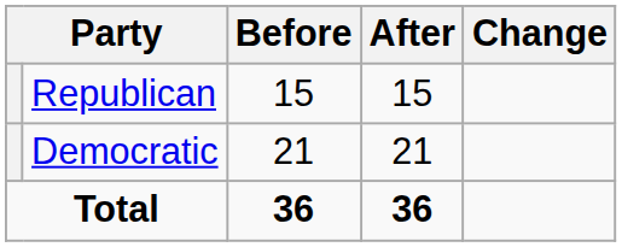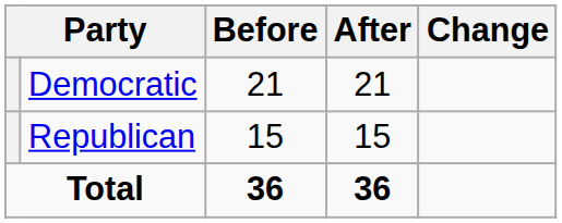 <table class="wikitable" style="text-align:center;">
 <tr>
 <th colspan="2">Party</th>
 <th>Before</th>
 <th>After</th>
 <th>Change</th>
 </tr>
 <tr>
 <th style="background-color:"></th>
-<td style="text-align:left;"><a href='#'>Republican</a></td>
-<td>15</td>
-<td>15</td>
+<td style="text-align:left;"><a href='#'>Democratic</a></td>
+<td>21</td>
+<td>21</td>
 <td></td>
 </tr>
 <tr>
 <th style="background-color:"></th>
-<td style="text-align:left;"><a href='#'>Democratic</a></td>
-<td>21</td>
-<td>21</td>
+<td style="text-align:left;"><a href='#'>Republican</a></td>
+<td>15</td>
+<td>15</td>
 <td></td>
 </tr>
 <tr>
 <td colspan="2"><strong>Total</strong></td>
 <td><strong>36</strong></td>
 <td><strong>36</strong></td>
 <td></td>
 </tr>
 </table>
